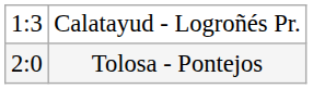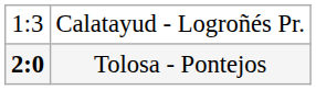 <table class="wikitable">
 <tr align=center bgcolor=white>
 <td>1:3</td>
 <td>Calatayud - Logroñés Pr.</td>
 </tr>
 <tr align=center bgcolor=#F5F5F5>
-<td>2:0</td>
+<td><strong>2:0</strong></td>
 <td>Tolosa - Pontejos</td>
 </tr>
 </table>
